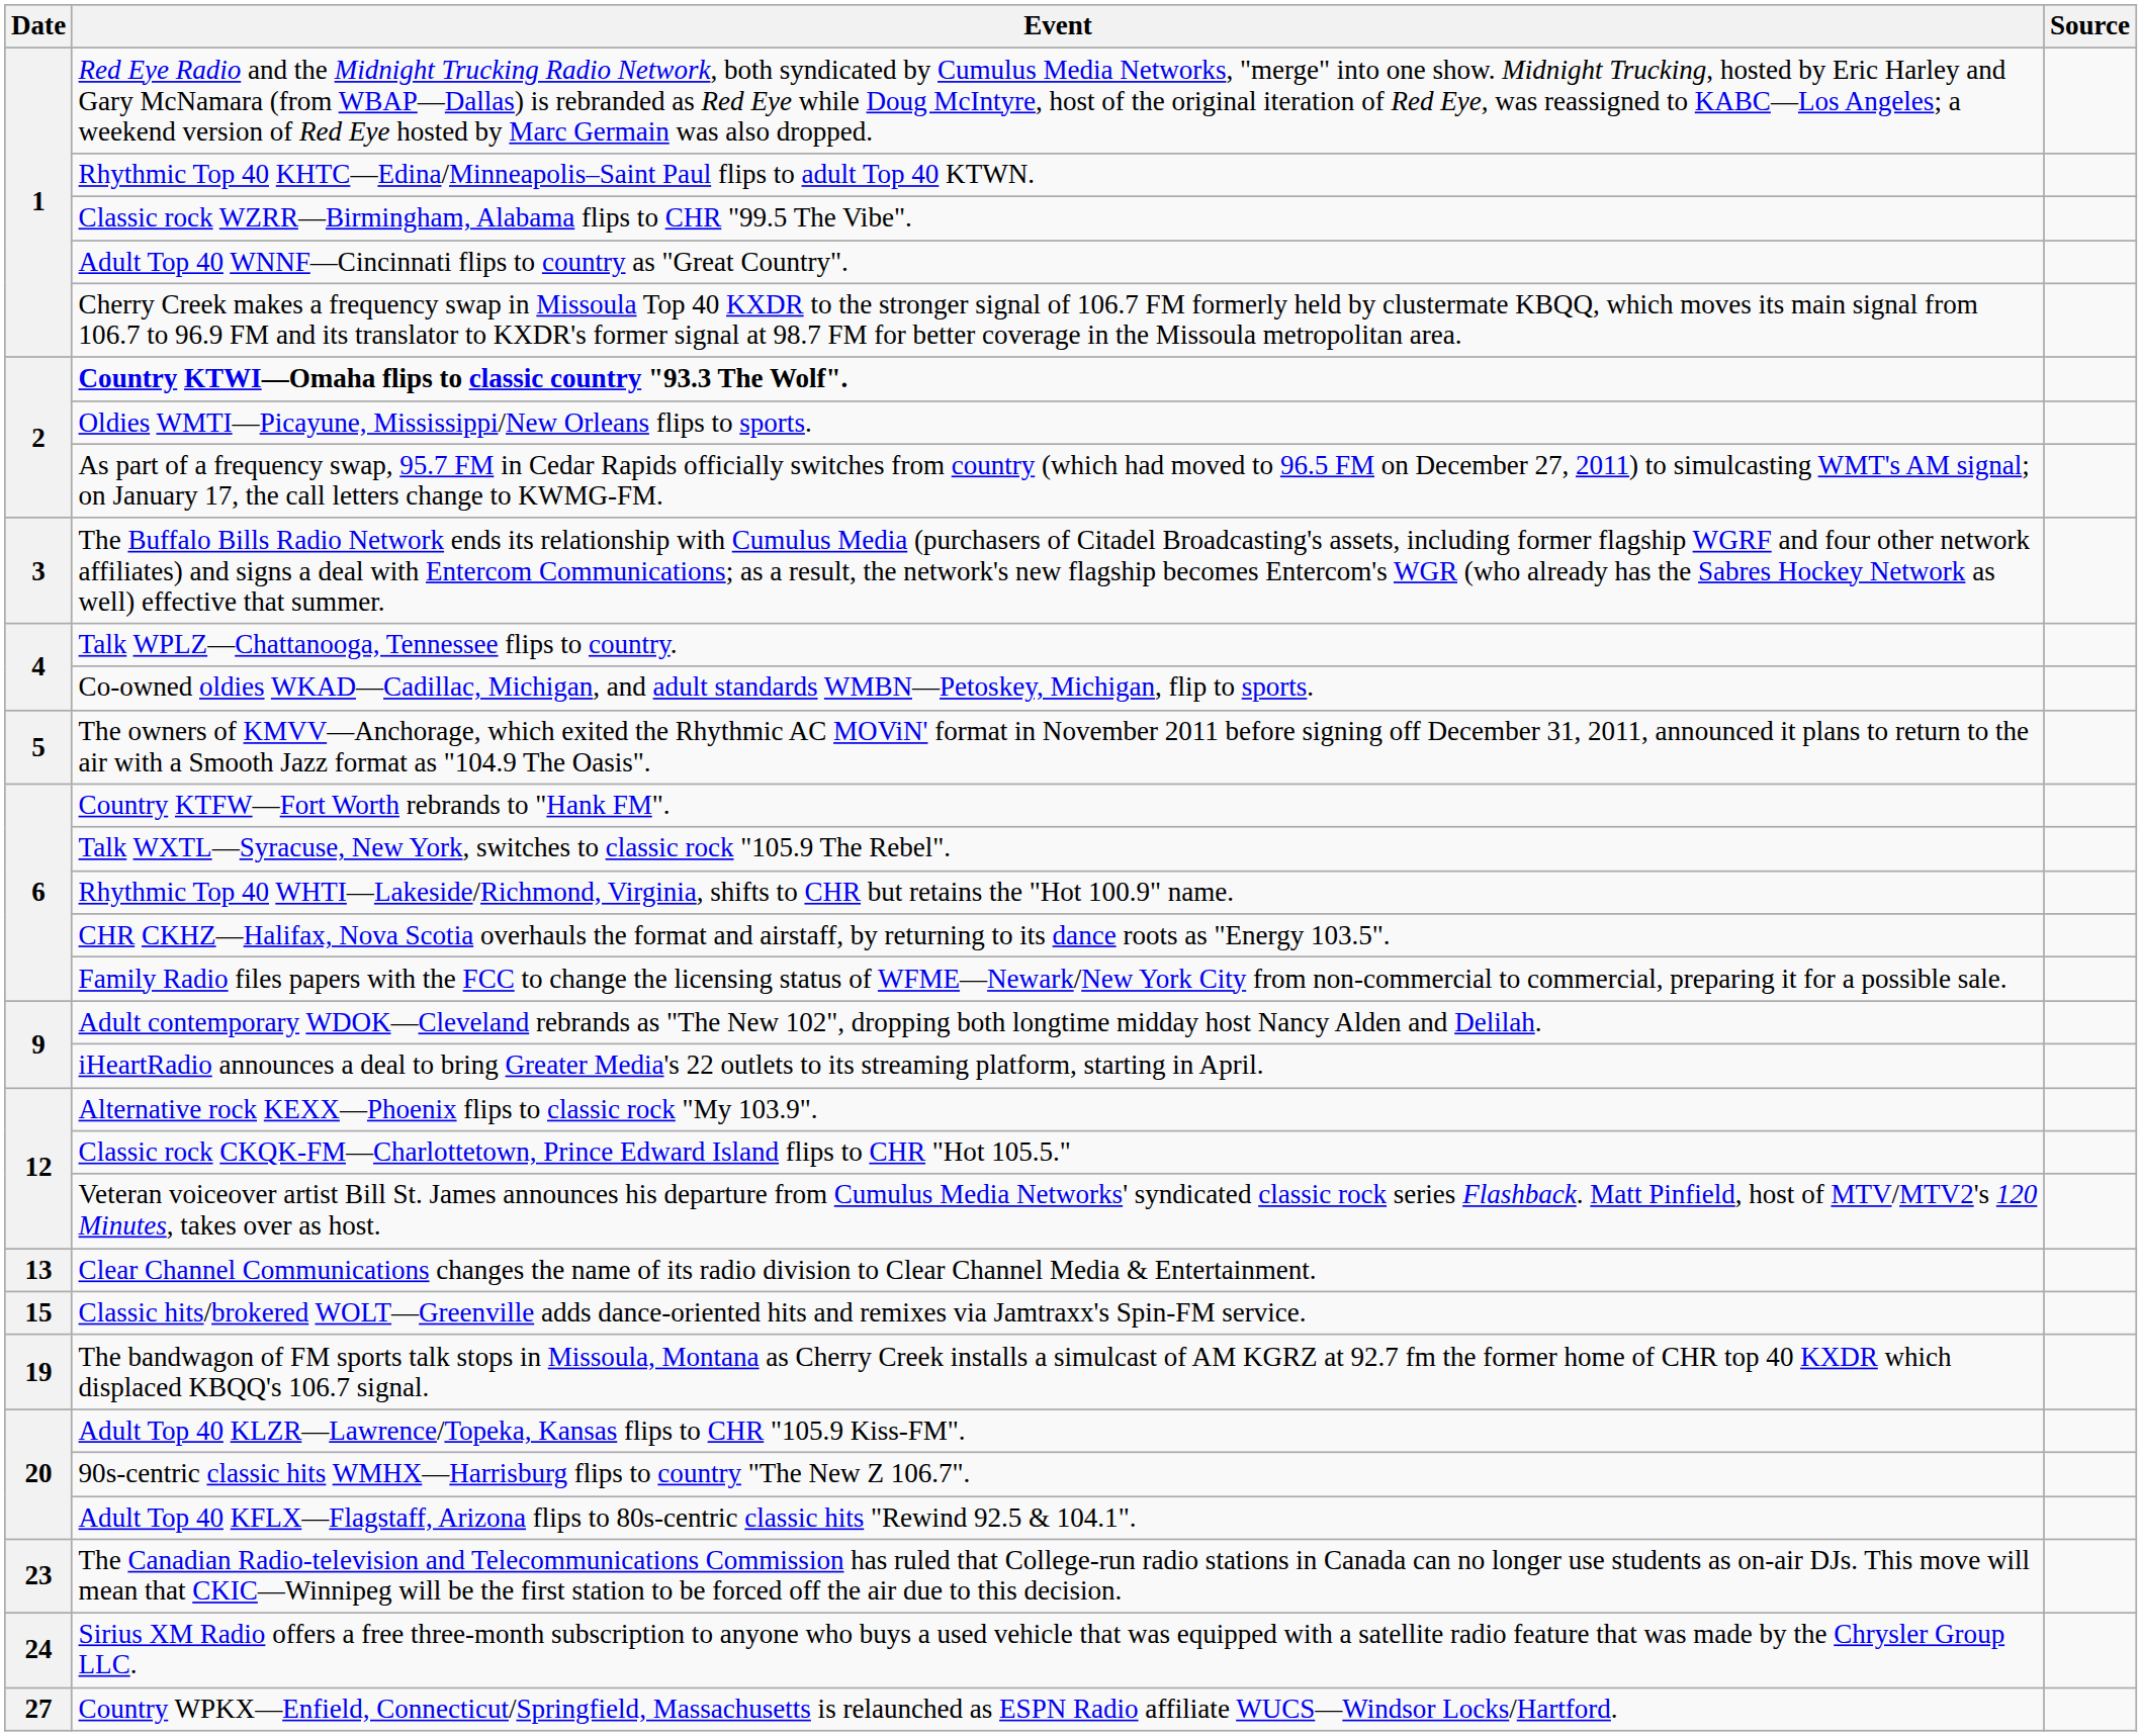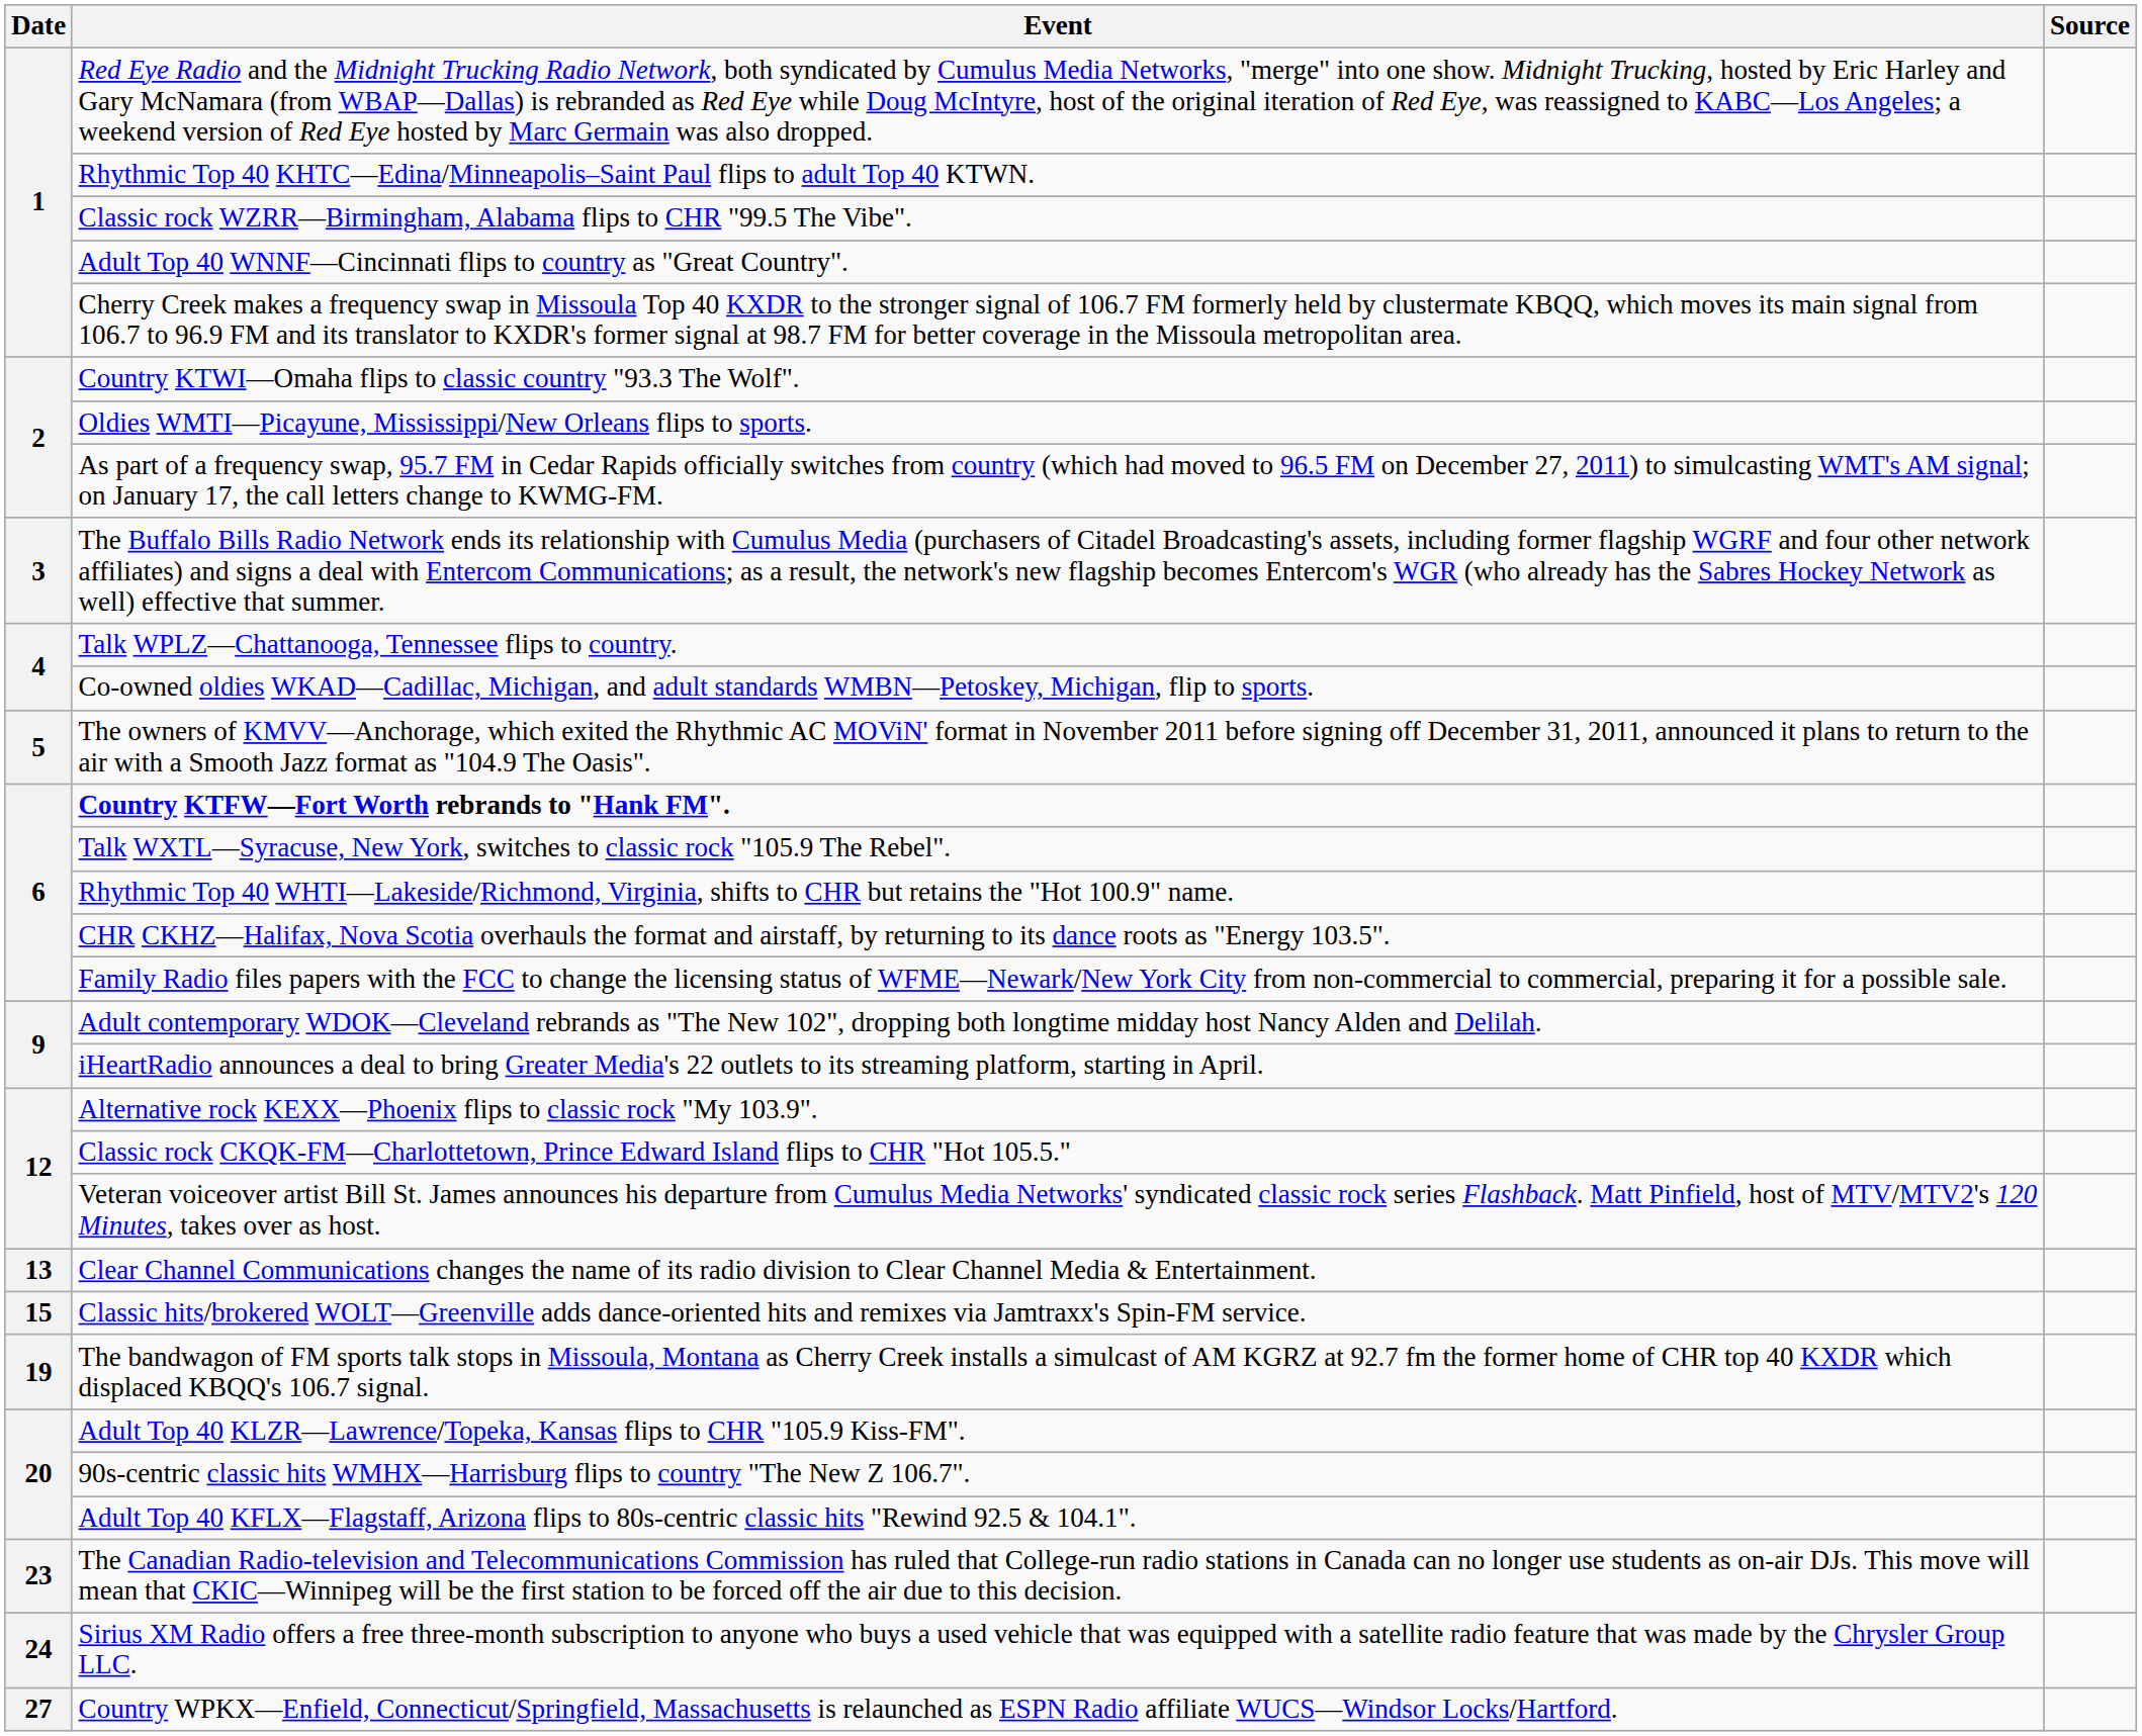 <table class=wikitable>
 <tr>
 <th>Date</th>
 <th>Event</th>
 <th>Source</th>
 </tr>
 <tr>
 <th rowspan="5">1</th>
 <td><em><a href='#'>Red Eye Radio</a></em> and the <em><a href='#'>Midnight Trucking Radio Network</a></em>, both syndicated by <a href='#'>Cumulus Media Networks</a>, "merge" into one show. <em>Midnight Trucking</em>, hosted by Eric Harley and Gary McNamara (from <a href='#'>WBAP</a>—<a href='#'>Dallas</a>) is rebranded as <em>Red Eye</em> while <a href='#'>Doug McIntyre</a>, host of the original iteration of <em>Red Eye</em>, was reassigned to <a href='#'>KABC</a>—<a href='#'>Los Angeles</a>; a weekend version of <em>Red Eye</em> hosted by <a href='#'>Marc Germain</a> was also dropped.</td>
 <td></td>
 </tr>
 <tr>
 <td><a href='#'>Rhythmic Top 40</a> <a href='#'>KHTC</a>—<a href='#'>Edina</a>/<a href='#'>Minneapolis–Saint Paul</a> flips to <a href='#'>adult Top 40</a> KTWN.</td>
 <td></td>
 </tr>
 <tr>
 <td><a href='#'>Classic rock</a> <a href='#'>WZRR</a>—<a href='#'>Birmingham, Alabama</a> flips to <a href='#'>CHR</a> "99.5 The Vibe".</td>
 <td></td>
 </tr>
 <tr>
 <td><a href='#'>Adult Top 40</a> <a href='#'>WNNF</a>—Cincinnati flips to <a href='#'>country</a> as "Great Country".</td>
 <td></td>
 </tr>
 <tr>
 <td>Cherry Creek makes a frequency swap in <a href='#'>Missoula</a> Top 40 <a href='#'>KXDR</a> to the stronger signal of 106.7 FM formerly held by clustermate KBQQ, which moves its main signal from 106.7 to 96.9 FM and its translator to KXDR's former signal at 98.7 FM for better coverage in the Missoula metropolitan area.</td>
 <td></td>
 </tr>
 <tr>
 <th rowspan="3">2</th>
-<td><strong><a href='#'>Country</a> <a href='#'>KTWI</a>—Omaha flips to <a href='#'>classic country</a> "93.3 The Wolf".</strong></td>
+<td><a href='#'>Country</a> <a href='#'>KTWI</a>—Omaha flips to <a href='#'>classic country</a> "93.3 The Wolf".</td>
 <td></td>
 </tr>
 <tr>
 <td><a href='#'>Oldies</a> <a href='#'>WMTI</a>—<a href='#'>Picayune, Mississippi</a>/<a href='#'>New Orleans</a> flips to <a href='#'>sports</a>.</td>
 <td></td>
 </tr>
 <tr>
 <td>As part of a frequency swap, <a href='#'>95.7 FM</a> in Cedar Rapids officially switches from <a href='#'>country</a> (which had moved to <a href='#'>96.5 FM</a> on December 27, <a href='#'>2011</a>) to simulcasting <a href='#'>WMT's AM signal</a>; on January 17, the call letters change to KWMG-FM.</td>
 <td></td>
 </tr>
 <tr>
 <th>3</th>
 <td>The <a href='#'>Buffalo Bills Radio Network</a> ends its relationship with <a href='#'>Cumulus Media</a> (purchasers of Citadel Broadcasting's assets, including former flagship <a href='#'>WGRF</a> and four other network affiliates) and signs a deal with <a href='#'>Entercom Communications</a>; as a result, the network's new flagship becomes Entercom's <a href='#'>WGR</a> (who already has the <a href='#'>Sabres Hockey Network</a> as well) effective that summer.</td>
 <td></td>
 </tr>
 <tr>
 <th rowspan="2">4</th>
 <td><a href='#'>Talk</a> <a href='#'>WPLZ</a>—<a href='#'>Chattanooga, Tennessee</a> flips to <a href='#'>country</a>.</td>
 <td></td>
 </tr>
 <tr>
 <td>Co-owned <a href='#'>oldies</a> <a href='#'>WKAD</a>—<a href='#'>Cadillac, Michigan</a>, and <a href='#'>adult standards</a> <a href='#'>WMBN</a>—<a href='#'>Petoskey, Michigan</a>, flip to <a href='#'>sports</a>.</td>
 <td></td>
 </tr>
 <tr>
 <th>5</th>
 <td>The owners of <a href='#'>KMVV</a>—Anchorage, which exited the Rhythmic AC <a href='#'>MOViN'</a> format in November 2011 before signing off December 31, 2011, announced it plans to return to the air with a Smooth Jazz format as "104.9 The Oasis".</td>
 <td></td>
 </tr>
 <tr>
 <th rowspan="5">6</th>
-<td><a href='#'>Country</a> <a href='#'>KTFW</a>—<a href='#'>Fort Worth</a> rebrands to "<a href='#'>Hank FM</a>".</td>
+<td><strong><a href='#'>Country</a> <a href='#'>KTFW</a>—<a href='#'>Fort Worth</a> rebrands to "<a href='#'>Hank FM</a>".</strong></td>
 <td></td>
 </tr>
 <tr>
 <td><a href='#'>Talk</a> <a href='#'>WXTL</a>—<a href='#'>Syracuse, New York</a>, switches to <a href='#'>classic rock</a> "105.9 The Rebel".</td>
 <td></td>
 </tr>
 <tr>
 <td><a href='#'>Rhythmic Top 40</a> <a href='#'>WHTI</a>—<a href='#'>Lakeside</a>/<a href='#'>Richmond, Virginia</a>, shifts to <a href='#'>CHR</a> but retains the "Hot 100.9" name.</td>
 <td></td>
 </tr>
 <tr>
 <td><a href='#'>CHR</a> <a href='#'>CKHZ</a>—<a href='#'>Halifax, Nova Scotia</a> overhauls the format and airstaff, by returning to its <a href='#'>dance</a> roots as "Energy 103.5".</td>
 <td></td>
 </tr>
 <tr>
 <td><a href='#'>Family Radio</a> files papers with the <a href='#'>FCC</a> to change the licensing status of <a href='#'>WFME</a>—<a href='#'>Newark</a>/<a href='#'>New York City</a> from non-commercial to commercial, preparing it for a possible sale.</td>
 <td></td>
 </tr>
 <tr>
 <th rowspan="2">9</th>
 <td><a href='#'>Adult contemporary</a> <a href='#'>WDOK</a>—<a href='#'>Cleveland</a> rebrands as "The New 102", dropping both longtime midday host Nancy Alden and <a href='#'>Delilah</a>.</td>
 <td></td>
 </tr>
 <tr>
 <td><a href='#'>iHeartRadio</a> announces a deal to bring <a href='#'>Greater Media</a>'s 22 outlets to its streaming platform, starting in April.</td>
 <td></td>
 </tr>
 <tr>
 <th rowspan="3">12</th>
 <td><a href='#'>Alternative rock</a> <a href='#'>KEXX</a>—<a href='#'>Phoenix</a> flips to <a href='#'>classic rock</a> "My 103.9".</td>
 <td></td>
 </tr>
 <tr>
 <td><a href='#'>Classic rock</a> <a href='#'>CKQK-FM</a>—<a href='#'>Charlottetown, Prince Edward Island</a> flips to <a href='#'>CHR</a> "Hot 105.5."</td>
 <td></td>
 </tr>
 <tr>
 <td>Veteran voiceover artist Bill St. James announces his departure from <a href='#'>Cumulus Media Networks</a>' syndicated <a href='#'>classic rock</a> series <em><a href='#'>Flashback</a></em>. <a href='#'>Matt Pinfield</a>, host of <a href='#'>MTV</a>/<a href='#'>MTV2</a>'s <em><a href='#'>120 Minutes</a></em>, takes over as host.</td>
 <td></td>
 </tr>
 <tr>
 <th>13</th>
 <td><a href='#'>Clear Channel Communications</a> changes the name of its radio division to Clear Channel Media & Entertainment.</td>
 <td></td>
 </tr>
 <tr>
 <th>15</th>
 <td><a href='#'>Classic hits</a>/<a href='#'>brokered</a> <a href='#'>WOLT</a>—<a href='#'>Greenville</a> adds dance-oriented hits and remixes via Jamtraxx's Spin-FM service.</td>
 <td></td>
 </tr>
 <tr>
 <th>19</th>
 <td>The bandwagon of FM sports talk stops in <a href='#'>Missoula, Montana</a> as Cherry Creek installs a simulcast of AM KGRZ at 92.7 fm the former home of CHR top 40 <a href='#'>KXDR</a> which displaced KBQQ's 106.7 signal.</td>
 <td></td>
 </tr>
 <tr>
 <th rowspan="3">20</th>
 <td><a href='#'>Adult Top 40</a> <a href='#'>KLZR</a>—<a href='#'>Lawrence</a>/<a href='#'>Topeka, Kansas</a> flips to <a href='#'>CHR</a> "105.9 Kiss-FM".</td>
 <td></td>
 </tr>
 <tr>
 <td>90s-centric <a href='#'>classic hits</a> <a href='#'>WMHX</a>—<a href='#'>Harrisburg</a> flips to <a href='#'>country</a> "The New Z 106.7".</td>
 <td></td>
 </tr>
 <tr>
 <td><a href='#'>Adult Top 40</a> <a href='#'>KFLX</a>—<a href='#'>Flagstaff, Arizona</a> flips to 80s-centric <a href='#'>classic hits</a> "Rewind 92.5 & 104.1".</td>
 <td></td>
 </tr>
 <tr>
 <th>23</th>
 <td>The <a href='#'>Canadian Radio-television and Telecommunications Commission</a> has ruled that College-run radio stations in Canada can no longer use students as on-air DJs. This move will mean that <a href='#'>CKIC</a>—Winnipeg will be the first station to be forced off the air due to this decision.</td>
 <td></td>
 </tr>
 <tr>
 <th>24</th>
 <td><a href='#'>Sirius XM Radio</a> offers a free three-month subscription to anyone who buys a used vehicle that was equipped with a satellite radio feature that was made by the <a href='#'>Chrysler Group LLC</a>.</td>
 <td></td>
 </tr>
 <tr>
 <th>27</th>
 <td><a href='#'>Country</a> WPKX—<a href='#'>Enfield, Connecticut</a>/<a href='#'>Springfield, Massachusetts</a> is relaunched as <a href='#'>ESPN Radio</a> affiliate <a href='#'>WUCS</a>—<a href='#'>Windsor Locks</a>/<a href='#'>Hartford</a>.</td>
 <td></td>
 </tr>
 </table>
